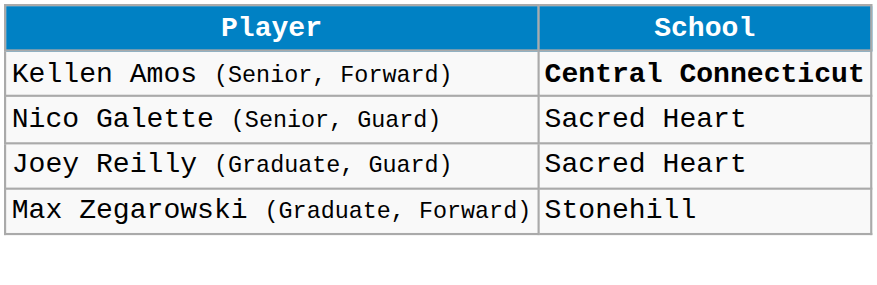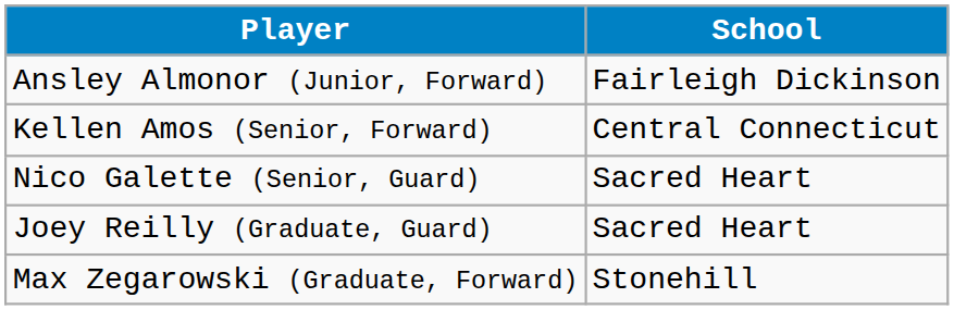 <table class="wikitable" border="1">
 <tr>
 <th align="center" style="background:#0081C4; color:#FFFFFF;">Player</th>
 <th align="center" style="background:#0081C4; color:#FFFFFF;">School</th>
 </tr>
 <tr>
+<td>Ansley Almonor <small>(Junior, Forward)</small></td>
+<td style=>Fairleigh Dickinson</td>
+</tr>
+<tr>
 <td>Kellen Amos <small>(Senior, Forward)</small></td>
-<td style=><strong>Central Connecticut</strong></td>
+<td style=>Central Connecticut</td>
 </tr>
 <tr>
 <td>Nico Galette <small>(Senior, Guard)</small></td>
 <td style=>Sacred Heart</td>
 </tr>
 <tr>
 <td>Joey Reilly <small>(Graduate, Guard)</small></td>
 <td style=>Sacred Heart</td>
 </tr>
 <tr>
 <td>Max Zegarowski <small>(Graduate, Forward)</small></td>
 <td style=>Stonehill</td>
 </tr>
 </table>
